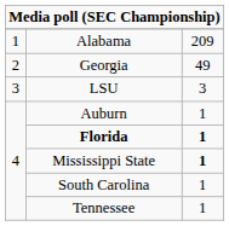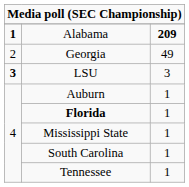 <table class="wikitable">
 <tr align="center">
 <td align="center" Colspan="3"><strong>Media poll (SEC Championship)</strong></td>
 </tr>
 <tr align="center">
 </tr>
 <tr align="center">
-<td>1</td>
+<td><strong>1</strong></td>
 <td>Alabama</td>
-<td>209</td>
+<td><strong>209</strong></td>
 </tr>
 <tr align="center">
 <td>2</td>
 <td>Georgia</td>
 <td>49</td>
 </tr>
 <tr align="center">
-<td>3</td>
+<td><strong>3</strong></td>
 <td>LSU</td>
 <td>3</td>
 </tr>
 <tr align="center">
 <td rowspan="5">4</td>
 <td>Auburn</td>
 <td>1</td>
 </tr>
 <tr align="center">
 <td><strong>Florida</strong></td>
-<td><strong>1</strong></td>
+<td>1</td>
 </tr>
 <tr align="center">
 <td>Mississippi State</td>
-<td><strong>1</strong></td>
+<td>1</td>
 </tr>
 <tr align="center">
 <td>South Carolina</td>
 <td>1</td>
 </tr>
 <tr align="center">
 <td>Tennessee</td>
 <td>1</td>
 </tr>
 </table>
